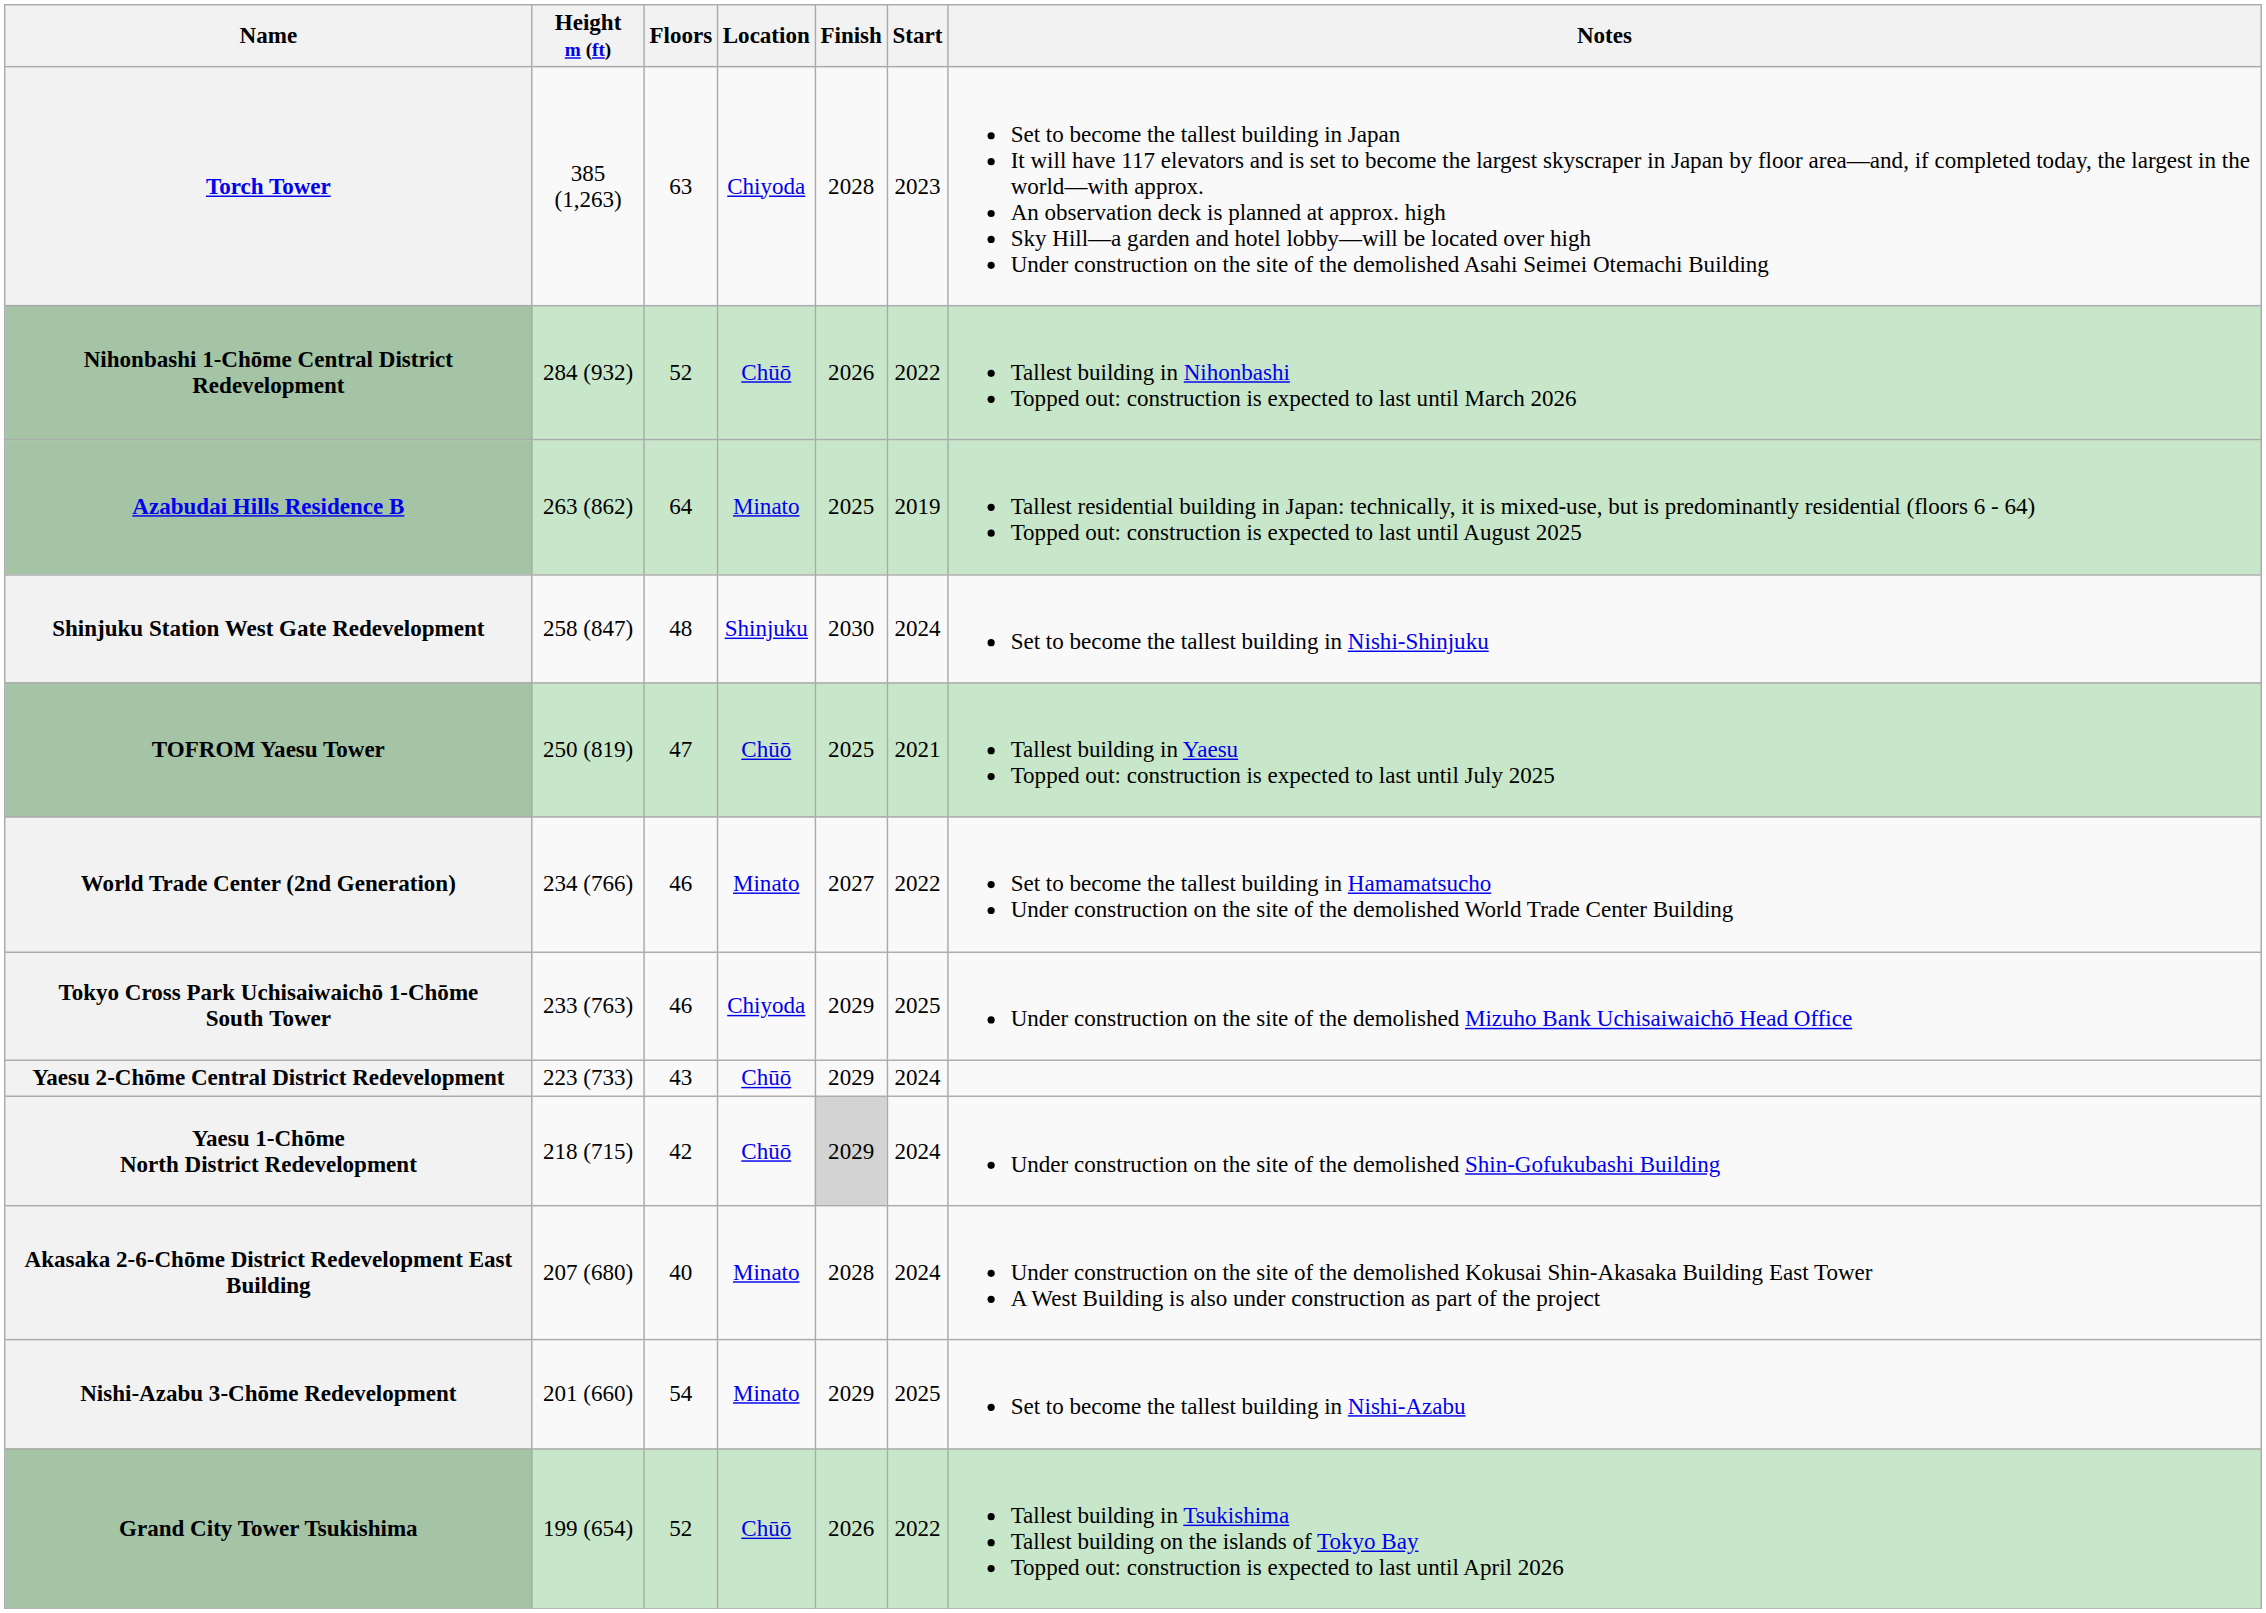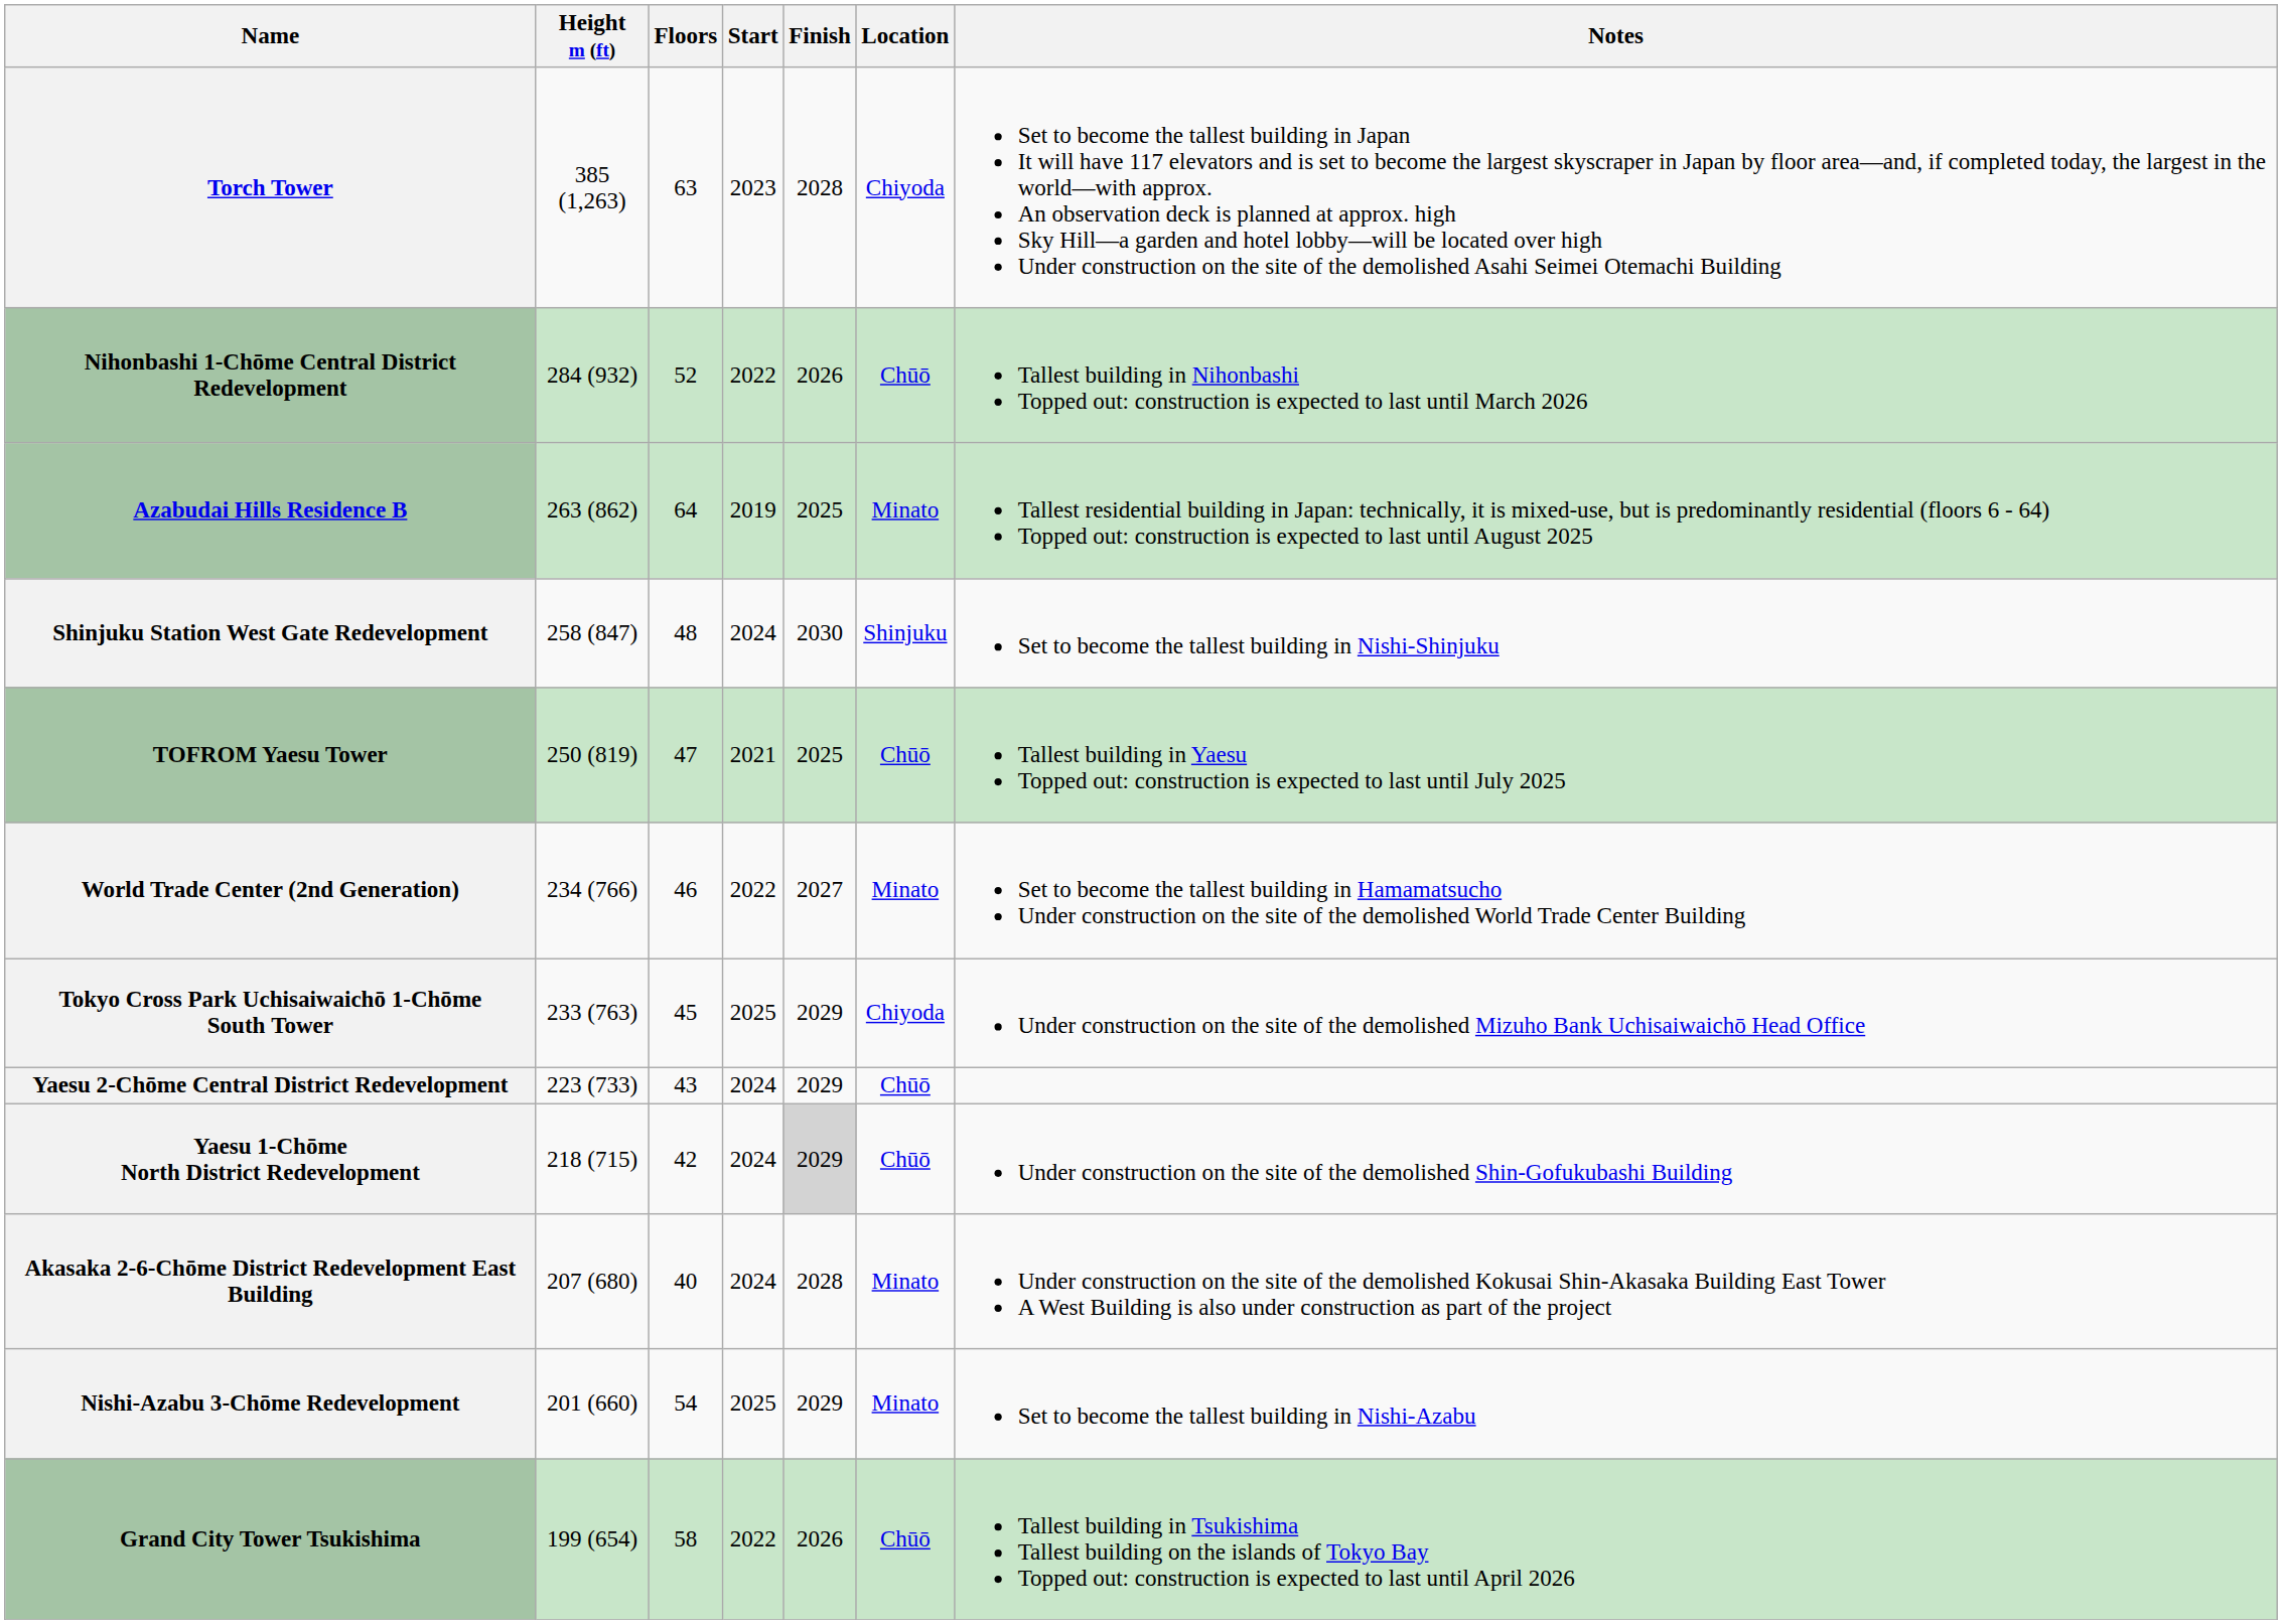 <table class="wikitable sortable plainrowheaders">
 <tr>
 <th scope="col">Name</th>
 <th scope="col">Height<br><small><a href='#'>m</a> (<a href='#'>ft</a>)</small></th>
 <th scope="col">Floors</th>
+<th scope="col">Start</th>
+<th scope="col">Finish</th>
 <th scope="col">Location</th>
-<th scope="col">Finish</th>
-<th scope="col">Start</th>
 <th scope="col" class="unsortable">Notes</th>
 </tr>
 <tr>
 <th scope="row" style="text-align:center"><a href='#'>Torch Tower</a></th>
 <td style="text-align:center;">385 (1,263)</td>
 <td style="text-align:center;">63</td>
+<td style="text-align:center;">2023</td>
+<td style="text-align:center;">2028</td>
 <td style="text-align:center;"><a href='#'>Chiyoda</a><br></td>
-<td style="text-align:center;">2028</td>
-<td style="text-align:center;">2023</td>
 <td><br><ul><li>Set to become the tallest building in Japan</li><li>It will have 117 elevators and is set to become the largest skyscraper in Japan by floor area—and, if completed today, the largest in the world—with approx. </li><li>An observation deck is planned at approx.  high</li><li>Sky Hill—a garden and hotel lobby—will be located over  high</li><li>Under construction on the site of the demolished  Asahi Seimei Otemachi Building</li></ul></td>
 </tr>
 <tr style="background:#C8E6C9;">
 <th scope="row" style="text-align:center; background-color:#A4C4A5;">Nihonbashi 1-Chōme Central District Redevelopment</th>
 <td style="text-align:center;">284 (932)</td>
 <td style="text-align:center;">52</td>
+<td style="text-align:center;">2022</td>
+<td style="text-align:center;">2026</td>
 <td style="text-align:center;" data-sort-value="Chūō-1"><a href='#'>Chūō</a><br></td>
-<td style="text-align:center;">2026</td>
-<td style="text-align:center;">2022</td>
 <td><br><ul><li>Tallest building in <a href='#'>Nihonbashi</a></li><li>Topped out: construction is expected to last until March 2026</li></ul></td>
 </tr>
 <tr style="background:#C8E6C9;">
 <th scope="row" style="text-align:center; background-color:#A4C4A5;"><a href='#'>Azabudai Hills Residence B</a></th>
 <td align="center">263 (862)</td>
 <td align="center">64</td>
+<td align="center">2019</td>
+<td align="center">2025</td>
 <td align="center" data-sort-value="Minato-1"><a href='#'>Minato</a><br></td>
-<td align="center">2025</td>
-<td align="center">2019</td>
 <td><br><ul><li>Tallest residential building in Japan: technically, it is mixed-use, but is predominantly residential (floors 6 - 64)</li><li>Topped out: construction is expected to last until August 2025</li></ul></td>
 </tr>
 <tr>
 <th scope="row" style="text-align:center">Shinjuku Station West Gate Redevelopment</th>
 <td style="text-align:center;">258 (847)</td>
 <td style="text-align:center;">48</td>
+<td style="text-align:center;">2024</td>
+<td style="text-align:center;">2030</td>
 <td style="text-align:center;"><a href='#'>Shinjuku</a><br></td>
-<td style="text-align:center;">2030</td>
-<td style="text-align:center;">2024</td>
 <td><br><ul><li>Set to become the tallest building in <a href='#'>Nishi-Shinjuku</a></li></ul></td>
 </tr>
 <tr style="background:#C8E6C9;">
 <th scope="row" style="text-align:center; background-color:#A4C4A5;">TOFROM Yaesu Tower</th>
 <td style="text-align:center;">250 (819)</td>
 <td style="text-align:center;">47</td>
+<td style="text-align:center;">2021</td>
+<td style="text-align:center;">2025</td>
 <td align="center" data-sort-value="Chūō-2"><a href='#'>Chūō</a><br></td>
-<td style="text-align:center;">2025</td>
-<td style="text-align:center;">2021</td>
 <td><br><ul><li>Tallest building in <a href='#'>Yaesu</a></li><li>Topped out: construction is expected to last until July 2025</li></ul></td>
 </tr>
 <tr>
 <th scope="row" style="text-align:center">World Trade Center (2nd Generation)</th>
 <td style="text-align:center;">234 (766)</td>
 <td style="text-align:center;">46</td>
+<td style="text-align:center;">2022</td>
+<td style="text-align:center;">2027</td>
 <td style="text-align:center;" data-sort-value="Minato-2"><a href='#'>Minato</a><br></td>
-<td style="text-align:center;">2027</td>
-<td style="text-align:center;">2022</td>
 <td><br><ul><li>Set to become the tallest building in <a href='#'>Hamamatsucho</a></li><li>Under construction on the site of the demolished  World Trade Center Building</li></ul></td>
 </tr>
 <tr>
 <th scope="row" style="text-align:center">Tokyo Cross Park Uchisaiwaichō 1-Chōme South Tower</th>
 <td style="text-align:center;">233 (763)</td>
-<td style="text-align:center;">46</td>
+<td style="text-align:center;">45</td>
+<td style="text-align:center;">2025</td>
+<td style="text-align:center;">2029</td>
 <td style="text-align:center;" data-sort-value="Chiyoda-2"><a href='#'>Chiyoda</a><br></td>
-<td style="text-align:center;">2029</td>
-<td style="text-align:center;">2025</td>
 <td><br><ul><li>Under construction on the site of the demolished  <a href='#'>Mizuho Bank Uchisaiwaichō Head Office</a></li></ul></td>
 </tr>
 <tr>
 <th scope="row" style="text-align:center">Yaesu 2-Chōme Central District Redevelopment</th>
 <td style="text-align:center;">223 (733)</td>
 <td style="text-align:center;">43</td>
+<td style="text-align:center;">2024</td>
+<td style="text-align:center;">2029</td>
 <td style="text-align:center;" data-sort-value="Chūō-3"><a href='#'>Chūō</a><br></td>
-<td style="text-align:center;">2029</td>
-<td style="text-align:center;">2024</td>
 <td></td>
 </tr>
 <tr>
 <th scope="row" style="text-align:center">Yaesu 1-Chōme<br> North District Redevelopment</th>
 <td style="text-align:center;">218 (715)</td>
 <td style="text-align:center;">42</td>
+<td style="text-align:center;">2024</td>
+<td style="background: lightgrey; text-align:center;">2029</td>
 <td style="text-align:center;" data-sort-value="Chūō-4"><a href='#'>Chūō</a><br></td>
-<td style="background: lightgrey; text-align:center;">2029</td>
-<td style="text-align:center;">2024</td>
 <td><br><ul><li>Under construction on the site of the demolished  <a href='#'>Shin-Gofukubashi Building</a></li></ul></td>
 </tr>
 <tr>
 <th scope="row" style="text-align:center">Akasaka 2-6-Chōme District Redevelopment East Building</th>
 <td style="text-align:center;">207 (680)</td>
 <td style="text-align:center;">40</td>
+<td style="text-align:center;">2024</td>
+<td style="text-align:center;">2028</td>
 <td style="text-align:center;" data-sort-value="Minato-4"><a href='#'>Minato</a><br></td>
-<td style="text-align:center;">2028</td>
-<td style="text-align:center;">2024</td>
 <td><br><ul><li>Under construction on the site of the demolished  Kokusai Shin-Akasaka Building East Tower</li><li>A  West Building is also under construction as part of the project</li></ul></td>
 </tr>
 <tr>
 <th scope="row" style="text-align:center">Nishi-Azabu 3-Chōme Redevelopment</th>
 <td style="text-align:center;">201 (660)</td>
 <td style="text-align:center;">54</td>
+<td style="text-align:center;">2025</td>
+<td style="text-align:center;">2029</td>
 <td style="text-align:center;" data-sort-value="Minato-5"><a href='#'>Minato</a><br></td>
-<td style="text-align:center;">2029</td>
-<td style="text-align:center;">2025</td>
 <td><br><ul><li>Set to become the tallest building in <a href='#'>Nishi-Azabu</a></li></ul></td>
 </tr>
 <tr style="background:#C8E6C9;">
 <th scope="row" style="text-align:center; background-color:#A4C4A5;">Grand City Tower Tsukishima</th>
 <td style="text-align:center;">199 (654)</td>
-<td style="text-align:center;">52</td>
+<td style="text-align:center;">58</td>
+<td style="text-align:center;">2022</td>
+<td style="text-align:center;">2026</td>
 <td style="text-align:center;" data-sort-value="Chūō-5"><a href='#'>Chūō</a><br></td>
-<td style="text-align:center;">2026</td>
-<td style="text-align:center;">2022</td>
 <td><br><ul><li>Tallest building in <a href='#'>Tsukishima</a></li><li>Tallest building on the islands of <a href='#'>Tokyo Bay</a></li><li>Topped out: construction is expected to last until April 2026</li></ul></td>
 </tr>
 </table>
